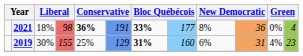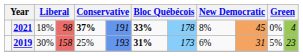 <table class="wikitable" style="float:right; width:400; font-size:90%; margin-left:1em;">
 <tr>
 <th colspan="2" scope="col">Year</th>
 <th colspan="2" scope="col"><a href='#'>Liberal</a></th>
 <th colspan="2" scope="col"><a href='#'>Conservative</a></th>
 <th colspan="2" scope="col"><a href='#'>Bloc Québécois</a></th>
 <th colspan="2" scope="col"><a href='#'>New Democratic</a></th>
 <th colspan="2" scope="col"><a href='#'>Green</a></th>
 </tr>
 <tr>
 <td style="width: 0.25em; background-color: "></td>
 <th><a href='#'>2021</a></th>
 <td>18%</td>
 <td style="text-align:right; background:#EA6D6A;"><em>98</em></td>
-<td><strong>36%</strong></td>
+<td><strong>37%</strong></td>
 <td style="text-align:right; background:#6495ED;"><em>191</em></td>
 <td><strong>33%</strong></td>
-<td style="text-align:right; background:#87CEFA;"><em>177</em></td>
+<td style="text-align:right; background:#87CEFA;"><em>178</em></td>
 <td>8%</td>
-<td style="text-align:right; background:#F4A460;"><em>36</em></td>
+<td style="text-align:right; background:#F4A460;"><em>45</em></td>
 <td>0%</td>
 <td style="text-align:right; background:#99C955;"><em>4</em></td>
 </tr>
 <tr>
 <td style="width: 0.25em; background-color: "></td>
 <th><a href='#'>2019</a></th>
 <td>30%</td>
-<td style="text-align:right; background:#EA6D6A;"><em>155</em></td>
+<td style="text-align:right; background:#EA6D6A;"><em>158</em></td>
 <td>25%</td>
-<td style="text-align:right; background:#6495ED;"><em>129</em></td>
+<td style="text-align:right; background:#6495ED;"><em>193</em></td>
 <td><strong>31%</strong></td>
-<td style="text-align:right; background:#87CEFA;"><em>160</em></td>
+<td style="text-align:right; background:#87CEFA;"><em>173</em></td>
 <td>6%</td>
 <td style="text-align:right; background:#F4A460;"><em>31</em></td>
-<td>4%</td>
+<td>5%</td>
 <td style="text-align:right; background:#99C955;"><em>23</em></td>
 </tr>
 <tr>
 </tr>
 </table>
